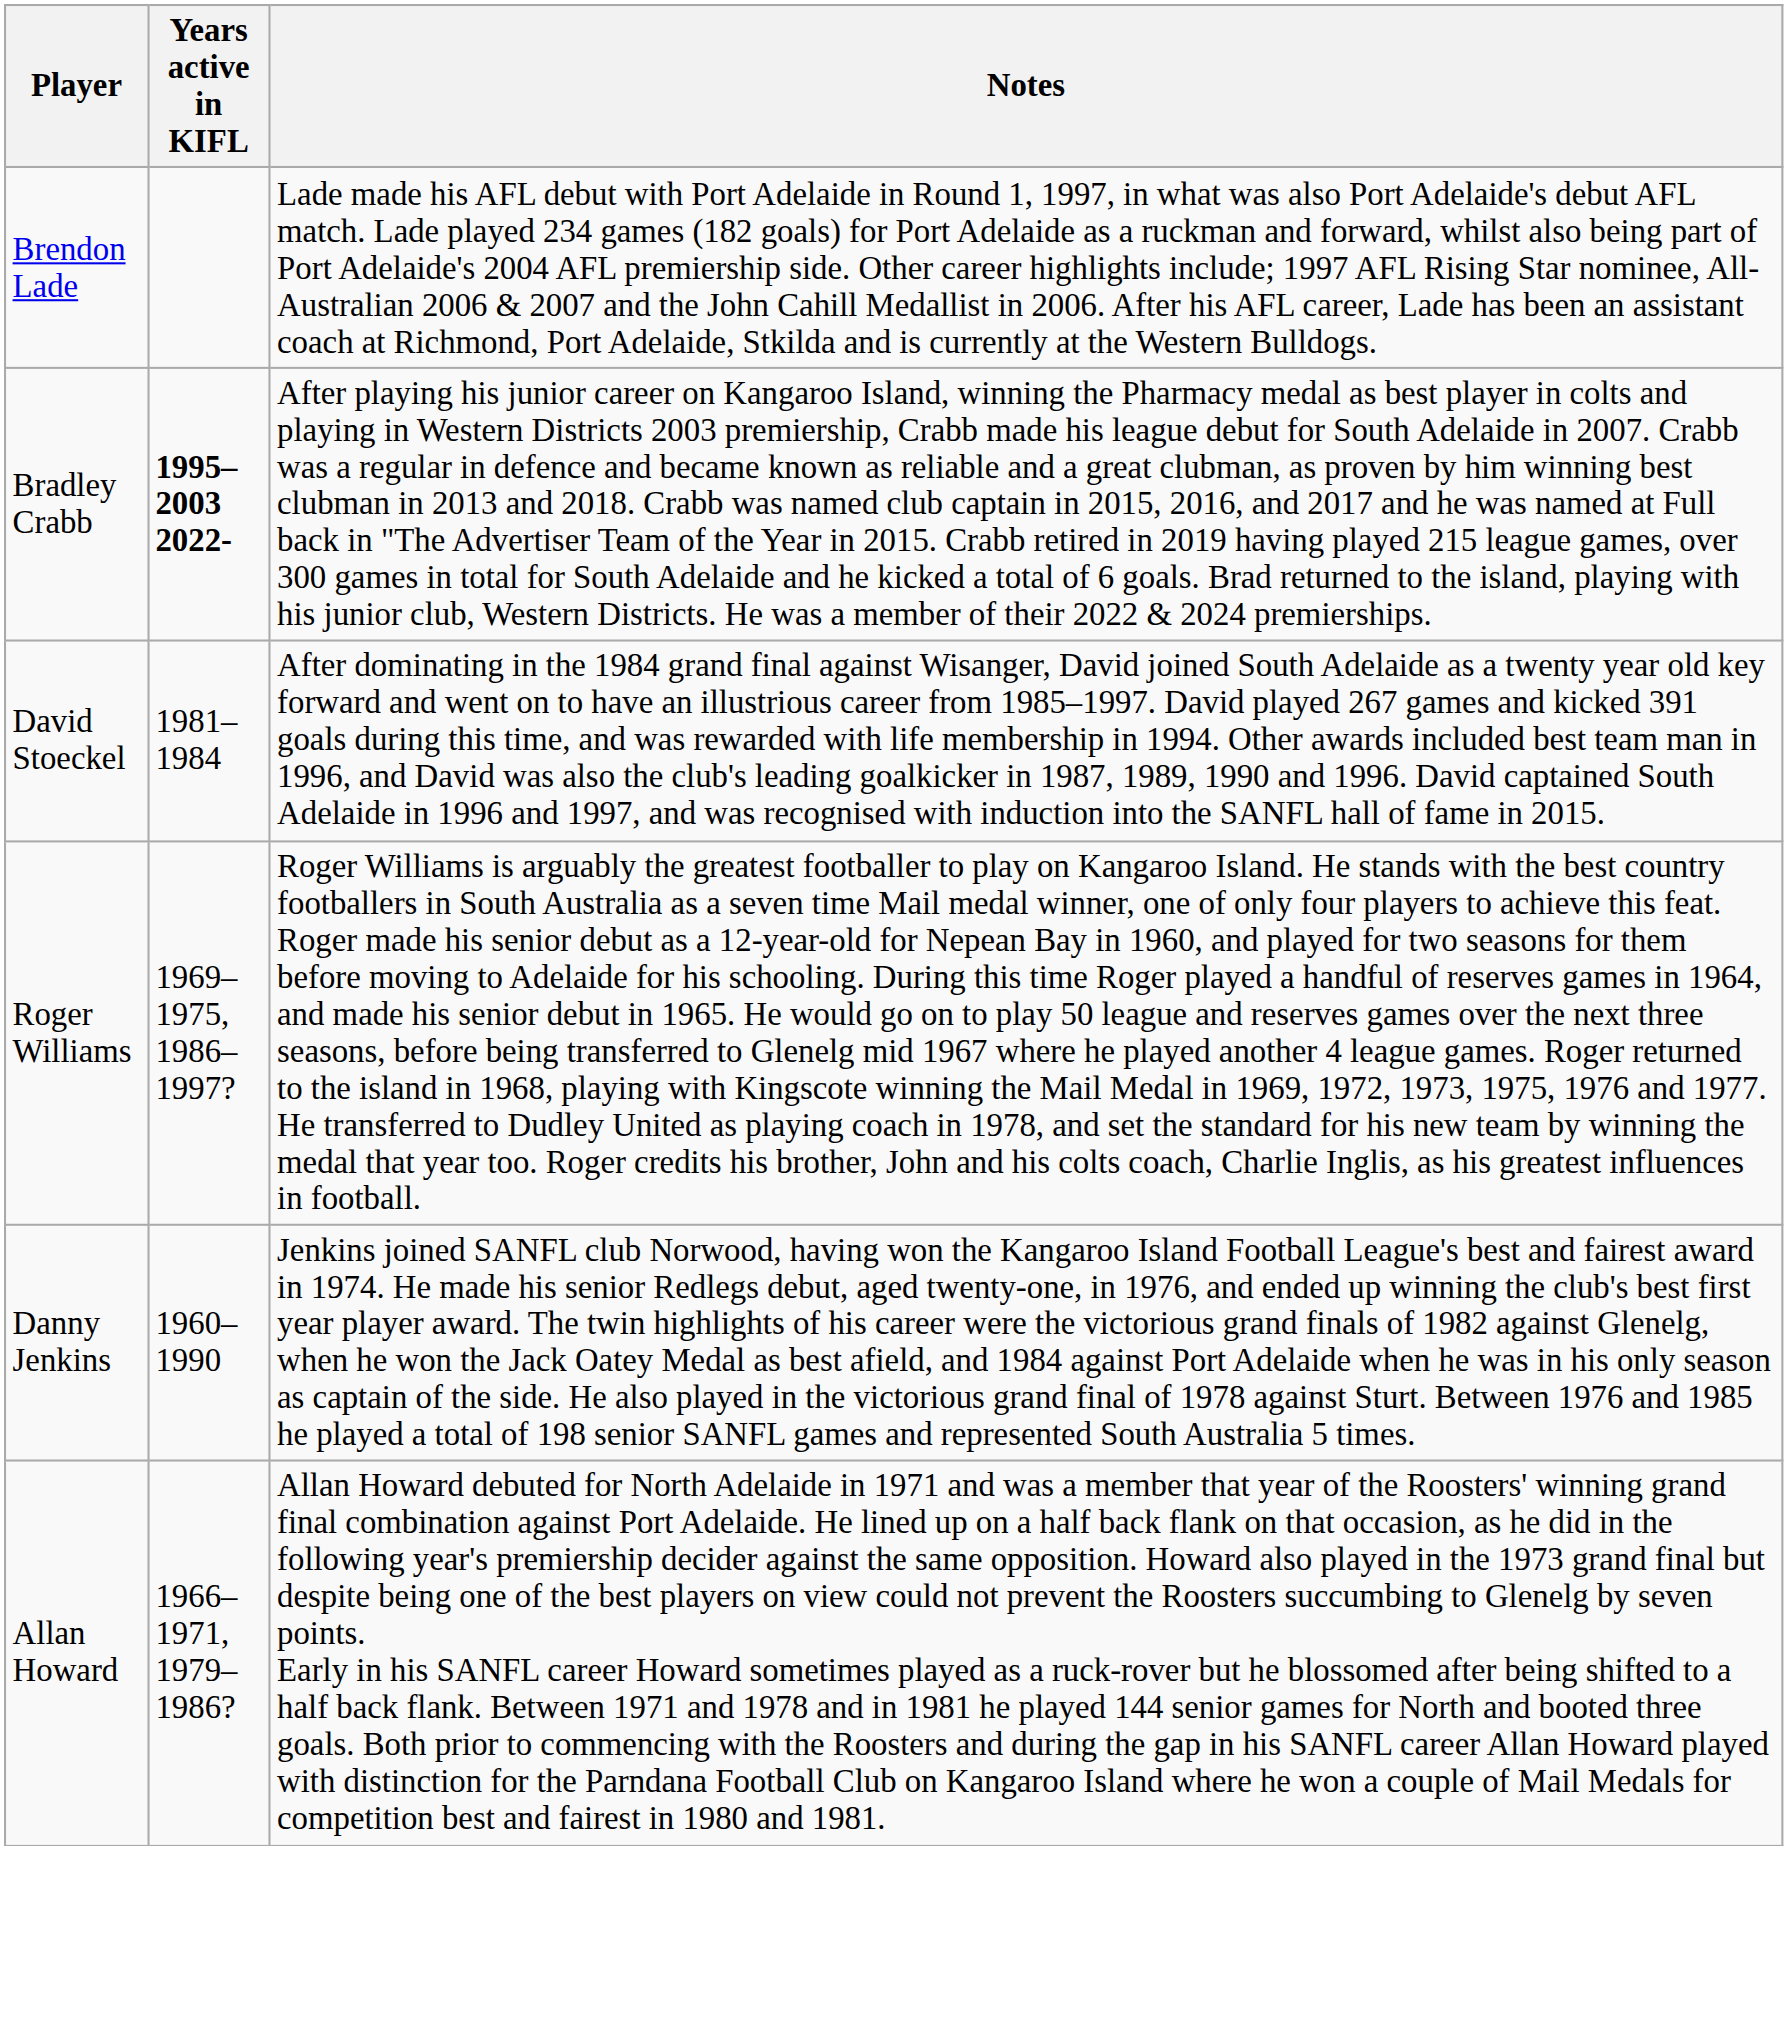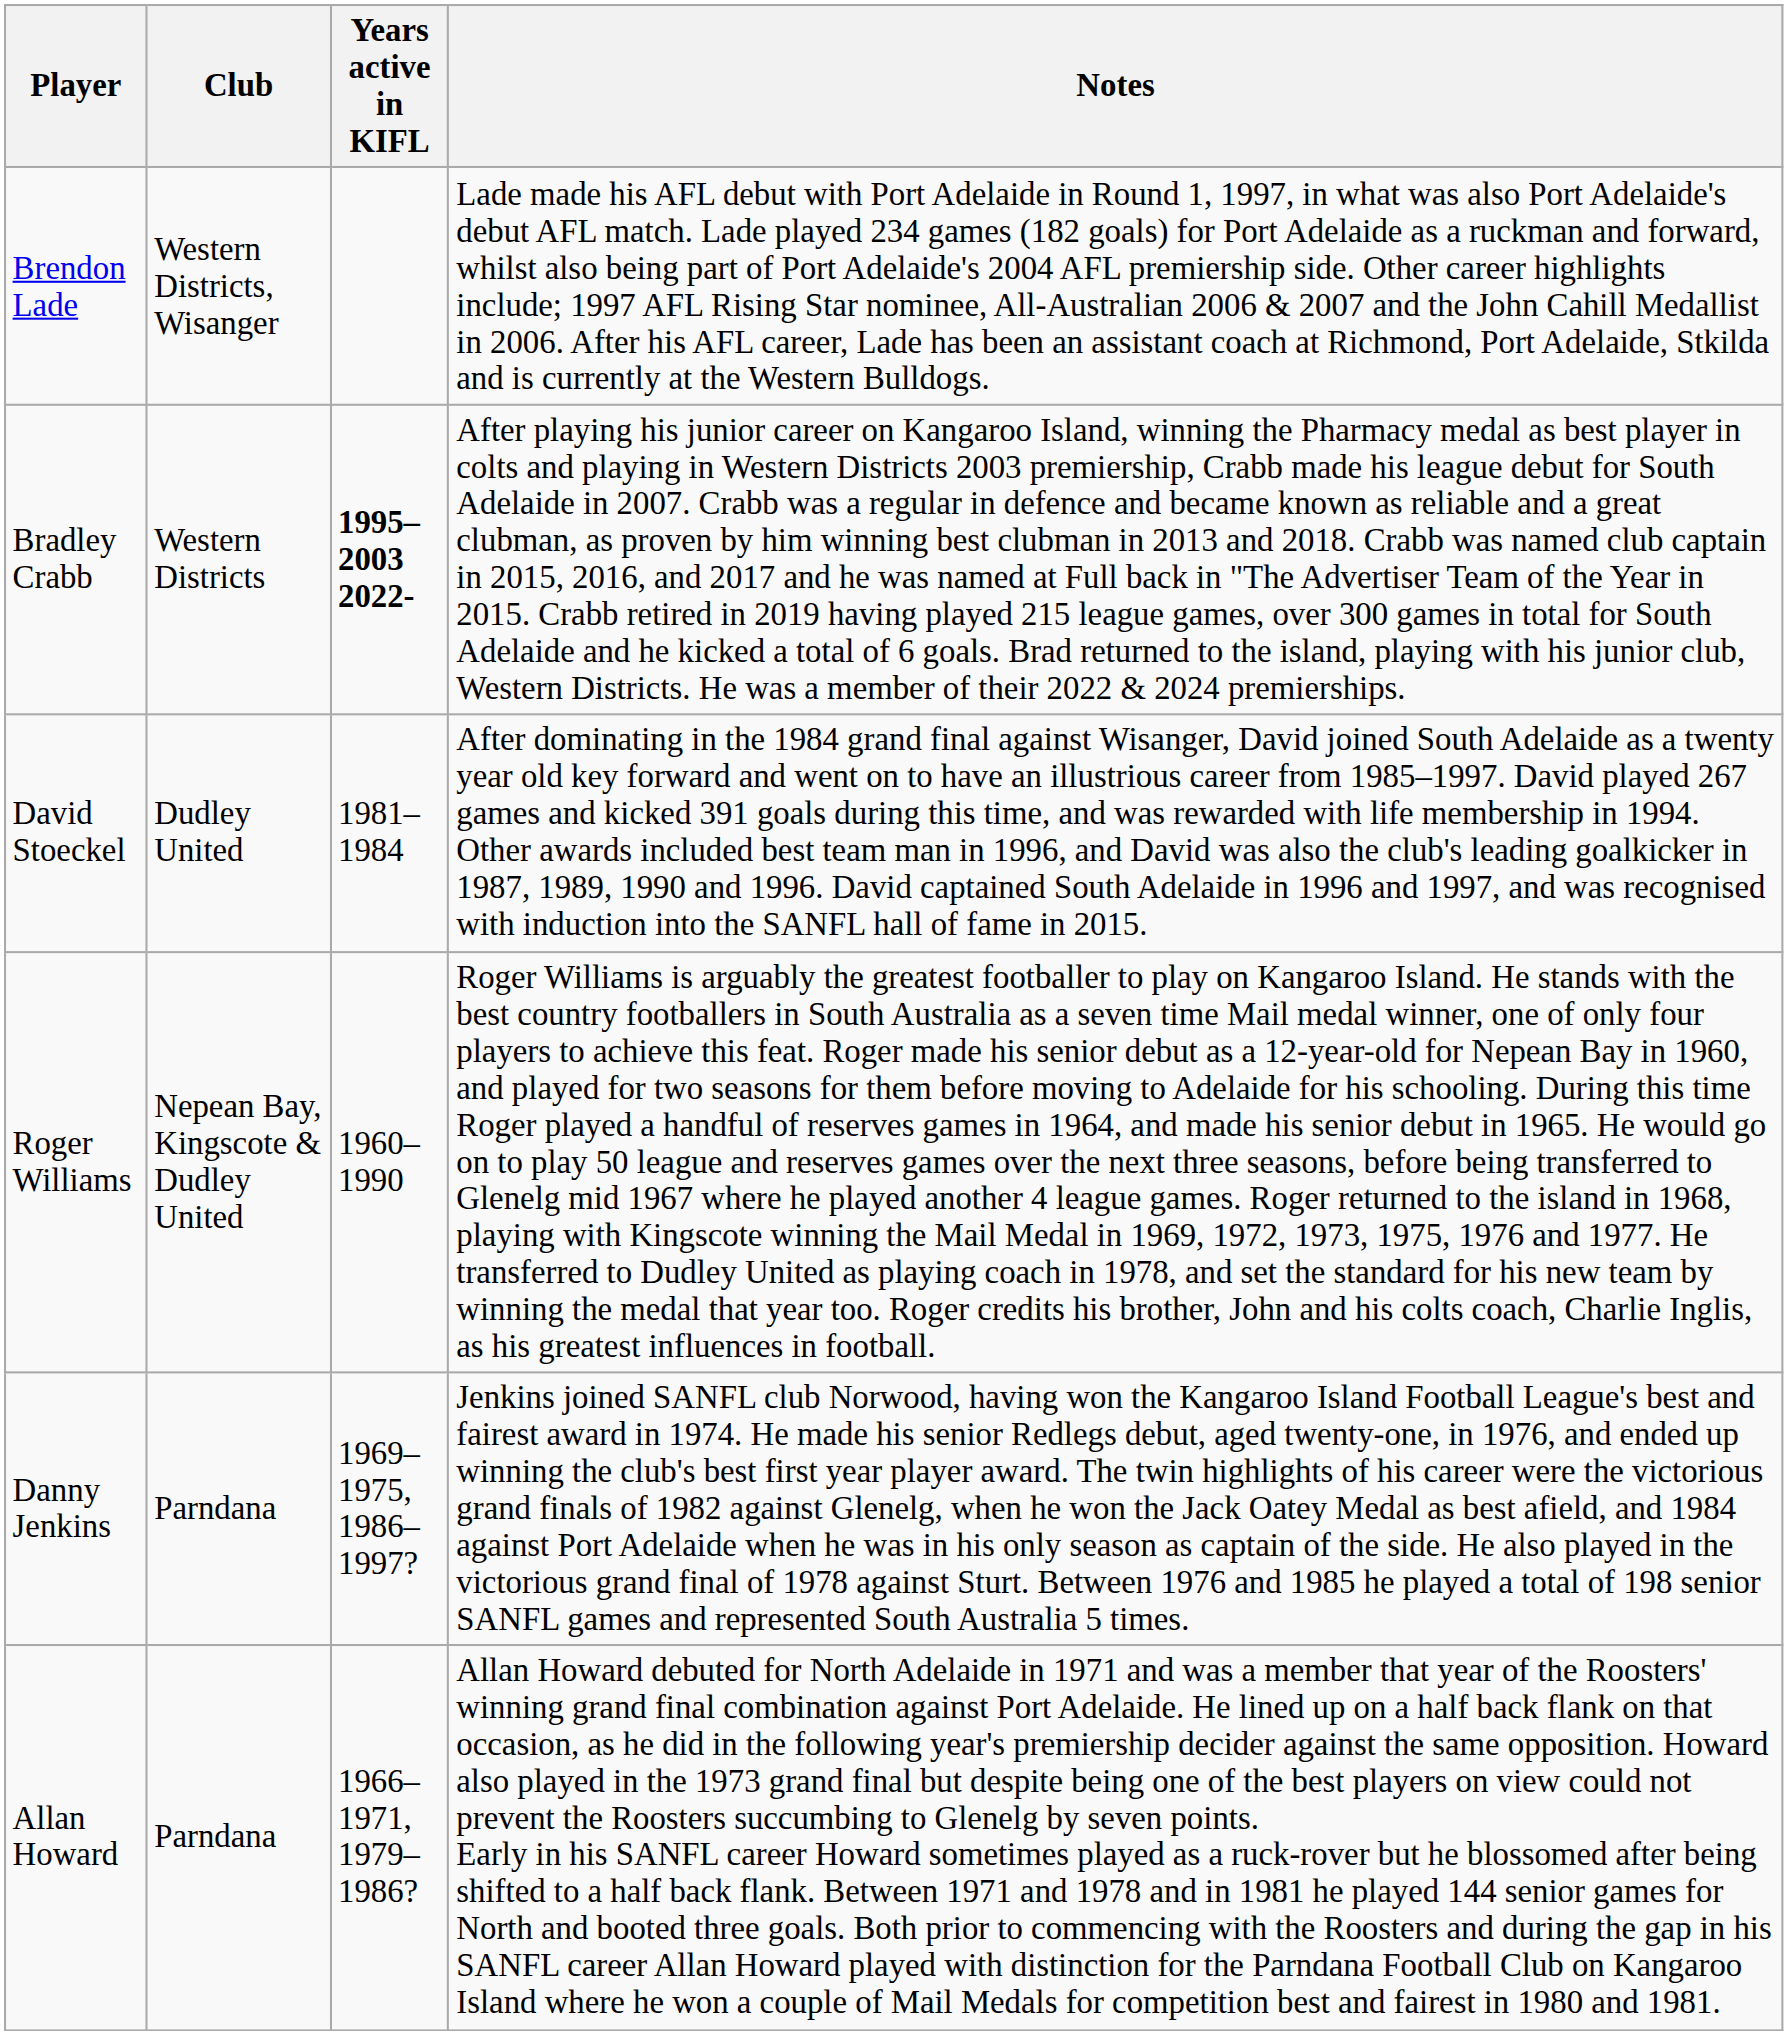 <table class="wikitable sortable">
 <tr>
 <th>Player</th>
+<th>Club</th>
 <th>Years active in KIFL</th>
 <th>Notes</th>
 </tr>
 <tr>
 <td><a href='#'>Brendon Lade</a></td>
+<td>Western Districts, Wisanger</td>
 <td></td>
 <td>Lade made his AFL debut with Port Adelaide in Round 1, 1997, in what was also Port Adelaide's debut AFL match. Lade played 234 games (182 goals) for Port Adelaide as a ruckman and forward, whilst also being part of Port Adelaide's 2004 AFL premiership side. Other career highlights include; 1997 AFL Rising Star nominee, All-Australian 2006 & 2007 and the John Cahill Medallist in 2006. After his AFL career, Lade has been an assistant coach at Richmond, Port Adelaide, Stkilda and is currently at the Western Bulldogs.</td>
 </tr>
 <tr>
 <td>Bradley Crabb</td>
+<td>Western Districts</td>
 <td><strong>1995–2003 2022-</strong></td>
 <td>After playing his junior career on Kangaroo Island, winning the Pharmacy medal as best player in colts and playing in Western Districts 2003 premiership, Crabb made his league debut for South Adelaide in 2007.  Crabb was a regular in defence and became known as reliable and a great clubman, as proven by him winning best clubman in 2013 and 2018.  Crabb was named club captain in 2015, 2016, and 2017 and he was named at Full back in "The Advertiser Team of the Year in 2015.  Crabb retired in 2019 having played 215 league games, over 300 games in total for South Adelaide and he kicked a total of 6 goals.  Brad returned to the island, playing with his junior club, Western Districts.  He was a member of their 2022 & 2024 premierships.</td>
 </tr>
 <tr>
 <td>David Stoeckel</td>
+<td>Dudley United</td>
 <td>1981–1984</td>
 <td>After dominating in the 1984 grand final against Wisanger, David joined South Adelaide as a twenty year old key forward and went on to have an illustrious career from 1985–1997.  David played 267 games and kicked 391 goals during this time, and was rewarded with life membership in 1994.  Other awards included best team man in 1996, and David was also the club's leading goalkicker in 1987, 1989, 1990 and 1996.  David captained South Adelaide in 1996 and 1997, and was recognised with induction into the SANFL hall of fame in 2015.</td>
 </tr>
 <tr>
 <td>Roger Williams</td>
-<td>1969–1975, 1986–1997?</td>
+<td>Nepean Bay, Kingscote & Dudley United</td>
+<td>1960–1990</td>
 <td>Roger Williams is arguably the greatest footballer to play on Kangaroo Island.  He stands with the best country footballers in South Australia as a seven time Mail medal winner, one of only four players to achieve this feat.  Roger made his senior debut as a 12-year-old for Nepean Bay in 1960, and played for two seasons for them before moving to Adelaide for his schooling.  During this time Roger played a handful of reserves games in 1964, and made his senior debut in 1965.  He would go on to play 50 league and reserves games over the next three seasons, before being transferred to Glenelg mid 1967 where he played another 4 league games. Roger returned to the island in 1968, playing with Kingscote winning the Mail Medal in 1969, 1972, 1973, 1975, 1976 and 1977.  He transferred to Dudley United as playing coach in 1978, and set the standard for his new team by winning the medal that year too.  Roger credits his brother, John and his colts coach, Charlie Inglis, as his greatest influences in football.</td>
 </tr>
 <tr>
 <td>Danny Jenkins</td>
-<td>1960–1990</td>
+<td>Parndana</td>
+<td>1969–1975, 1986–1997?</td>
 <td>Jenkins joined SANFL club Norwood, having won the Kangaroo Island Football League's best and fairest award in 1974. He made his senior Redlegs debut, aged twenty-one, in 1976, and ended up winning the club's best first year player award. The twin highlights of his career were the victorious grand finals of 1982 against Glenelg, when he won the Jack Oatey Medal as best afield, and 1984 against Port Adelaide when he was in his only season as captain of the side. He also played in the victorious grand final of 1978 against Sturt. Between 1976 and 1985 he played a total of 198 senior SANFL games and represented South Australia 5 times.</td>
 </tr>
 <tr>
 <td>Allan Howard</td>
+<td>Parndana</td>
 <td>1966–1971, 1979–1986?</td>
 <td>Allan Howard debuted for North Adelaide in 1971 and was a member that year of the Roosters' winning grand final combination against Port Adelaide. He lined up on a half back flank on that occasion, as he did in the following year's premiership decider against the same opposition. Howard also played in the 1973 grand final but despite being one of the best players on view could not prevent the Roosters succumbing to Glenelg by seven points.<br>Early in his SANFL career Howard sometimes played as a ruck-rover but he blossomed after being shifted to a half back flank. Between 1971 and 1978 and in 1981 he played 144 senior games for North and booted three goals. Both prior to commencing with the Roosters and during the gap in his SANFL career Allan Howard played with distinction for the Parndana Football Club on Kangaroo Island where he won a couple of Mail Medals for competition best and fairest in 1980 and 1981.</td>
 </tr>
 </table>
